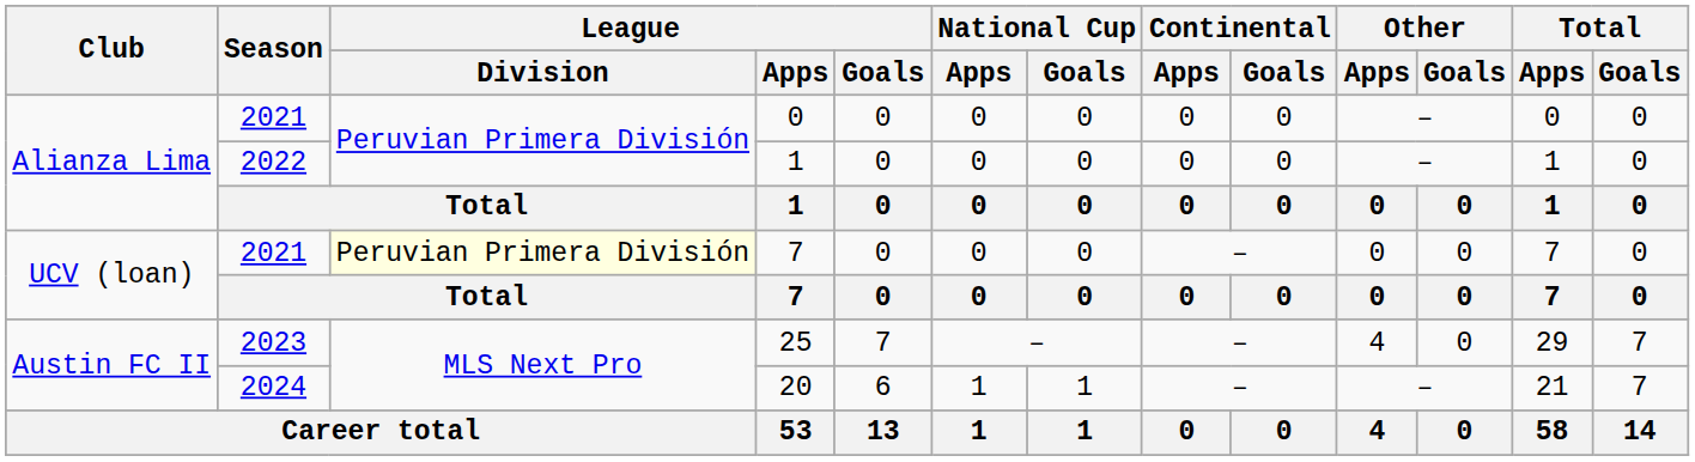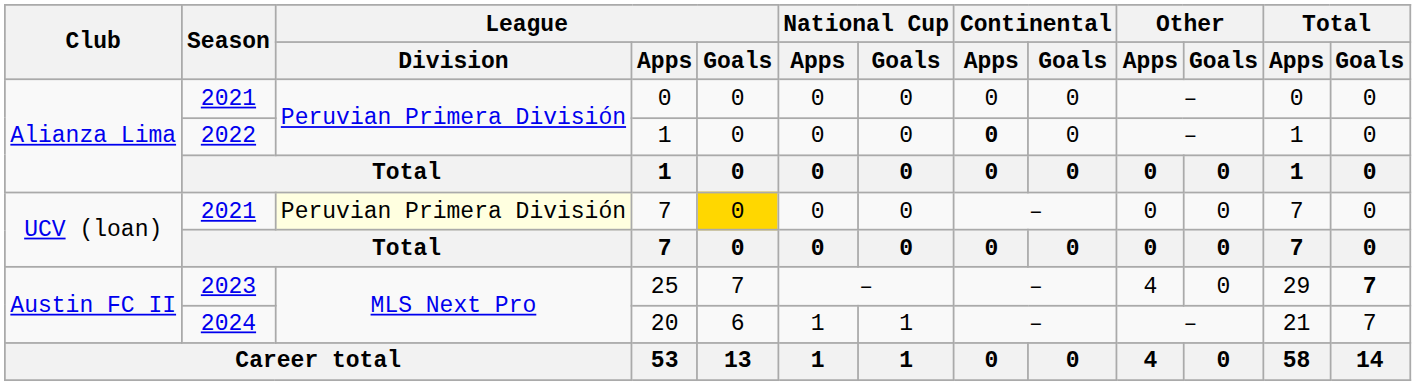 <table class="wikitable" style="text-align:center">
 <tr>
 <th rowspan="2">Club</th>
 <th rowspan="2">Season</th>
 <th colspan="3">League</th>
 <th colspan="2">National Cup</th>
 <th colspan="2">Continental</th>
 <th colspan="2">Other</th>
 <th colspan="2">Total</th>
 </tr>
 <tr>
 <th>Division</th>
 <th>Apps</th>
 <th>Goals</th>
 <th>Apps</th>
 <th>Goals</th>
 <th>Apps</th>
 <th>Goals</th>
 <th>Apps</th>
 <th>Goals</th>
 <th>Apps</th>
 <th>Goals</th>
 </tr>
 <tr>
 <td rowspan="3"><a href='#'>Alianza Lima</a></td>
 <td><a href='#'>2021</a></td>
 <td rowspan="2"><a href='#'>Peruvian Primera División</a></td>
 <td>0</td>
 <td>0</td>
 <td>0</td>
 <td>0</td>
 <td>0</td>
 <td>0</td>
 <td colspan="2">–</td>
 <td>0</td>
 <td>0</td>
 </tr>
 <tr>
 <td><a href='#'>2022</a></td>
 <td>1</td>
 <td>0</td>
 <td>0</td>
 <td>0</td>
-<td>0</td>
+<td><strong>0</strong></td>
 <td>0</td>
 <td colspan="2">–</td>
 <td>1</td>
 <td>0</td>
 </tr>
 <tr>
 <th colspan="2">Total</th>
 <th>1</th>
 <th>0</th>
 <th>0</th>
 <th>0</th>
 <th>0</th>
 <th>0</th>
 <th>0</th>
 <th>0</th>
 <th>1</th>
 <th>0</th>
 </tr>
 <tr>
 <td rowspan="2"><a href='#'>UCV</a> (loan)</td>
 <td><a href='#'>2021</a></td>
 <td style="background: lightyellow;">Peruvian Primera División</td>
 <td>7</td>
-<td>0</td>
+<td style="background: gold;">0</td>
 <td>0</td>
 <td>0</td>
 <td colspan="2">–</td>
 <td>0</td>
 <td>0</td>
 <td>7</td>
 <td>0</td>
 </tr>
 <tr>
 <th colspan="2">Total</th>
 <th>7</th>
 <th>0</th>
 <th>0</th>
 <th>0</th>
 <th>0</th>
 <th>0</th>
 <th>0</th>
 <th>0</th>
 <th>7</th>
 <th>0</th>
 </tr>
 <tr>
 <td rowspan=2><a href='#'>Austin FC II</a></td>
 <td><a href='#'>2023</a></td>
 <td rowspan=2><a href='#'>MLS Next Pro</a></td>
 <td>25</td>
 <td>7</td>
 <td colspan="2">–</td>
 <td colspan="2">–</td>
 <td>4</td>
 <td>0</td>
 <td>29</td>
-<td>7</td>
+<td><strong>7</strong></td>
 </tr>
 <tr>
 <td><a href='#'>2024</a></td>
 <td>20</td>
 <td>6</td>
 <td>1</td>
 <td>1</td>
 <td colspan="2">–</td>
 <td colspan="2">–</td>
 <td>21</td>
 <td>7</td>
 </tr>
 <tr>
 <th colspan="3">Career total</th>
 <th>53</th>
 <th>13</th>
 <th>1</th>
 <th>1</th>
 <th>0</th>
 <th>0</th>
 <th>4</th>
 <th>0</th>
 <th>58</th>
 <th>14</th>
 </tr>
 </table>
